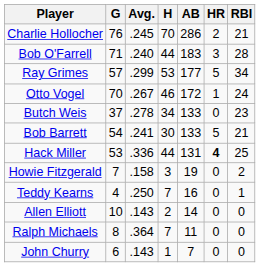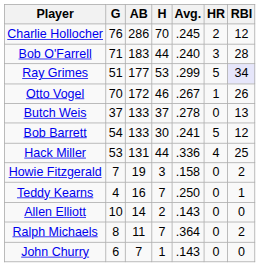 <table class="wikitable sortable" style="text-align:center;">
 <tr>
 <th>Player</th>
 <th>G</th>
+<th>AB</th>
+<th>H</th>
 <th>Avg.</th>
-<th>H</th>
-<th>AB</th>
 <th>HR</th>
 <th>RBI</th>
 </tr>
 <tr>
 <td><a href='#'>Charlie Hollocher</a></td>
 <td>76</td>
+<td>286</td>
+<td>70</td>
 <td>.245</td>
-<td>70</td>
-<td>286</td>
 <td>2</td>
-<td>21</td>
+<td>12</td>
 </tr>
 <tr>
 <td><a href='#'>Bob O'Farrell</a></td>
 <td>71</td>
+<td>183</td>
+<td>44</td>
 <td>.240</td>
-<td>44</td>
-<td>183</td>
 <td>3</td>
 <td>28</td>
 </tr>
 <tr>
 <td><a href='#'>Ray Grimes</a></td>
-<td>57</td>
+<td>51</td>
+<td>177</td>
+<td>53</td>
 <td>.299</td>
-<td>53</td>
-<td>177</td>
 <td>5</td>
-<td>34</td>
+<td style="background: lavender;">34</td>
 </tr>
 <tr>
 <td><a href='#'>Otto Vogel</a></td>
 <td>70</td>
+<td>172</td>
+<td>46</td>
 <td>.267</td>
-<td>46</td>
-<td>172</td>
 <td>1</td>
-<td>24</td>
+<td>26</td>
 </tr>
 <tr>
 <td><a href='#'>Butch Weis</a></td>
 <td>37</td>
+<td>133</td>
+<td>37</td>
 <td>.278</td>
-<td>34</td>
-<td>133</td>
 <td>0</td>
-<td>23</td>
+<td>13</td>
 </tr>
 <tr>
 <td><a href='#'>Bob Barrett</a></td>
 <td>54</td>
+<td>133</td>
+<td>30</td>
 <td>.241</td>
-<td>30</td>
-<td>133</td>
 <td>5</td>
-<td>21</td>
+<td>12</td>
 </tr>
 <tr>
 <td><a href='#'>Hack Miller</a></td>
 <td>53</td>
+<td>131</td>
+<td>44</td>
 <td>.336</td>
-<td>44</td>
-<td>131</td>
-<td><strong>4</strong></td>
+<td>4</td>
 <td>25</td>
 </tr>
 <tr>
 <td><a href='#'>Howie Fitzgerald</a></td>
 <td>7</td>
+<td>19</td>
+<td>3</td>
 <td>.158</td>
-<td>3</td>
-<td>19</td>
 <td>0</td>
 <td>2</td>
 </tr>
 <tr>
 <td><a href='#'>Teddy Kearns</a></td>
 <td>4</td>
+<td>16</td>
+<td>7</td>
 <td>.250</td>
-<td>7</td>
-<td>16</td>
 <td>0</td>
 <td>1</td>
 </tr>
 <tr>
 <td><a href='#'>Allen Elliott</a></td>
 <td>10</td>
+<td>14</td>
+<td>2</td>
 <td>.143</td>
-<td>2</td>
-<td>14</td>
 <td>0</td>
 <td>0</td>
 </tr>
 <tr>
 <td><a href='#'>Ralph Michaels</a></td>
 <td>8</td>
+<td>11</td>
+<td>7</td>
 <td>.364</td>
-<td>7</td>
-<td>11</td>
 <td>0</td>
-<td>0</td>
+<td>2</td>
 </tr>
 <tr>
 <td><a href='#'>John Churry</a></td>
 <td>6</td>
+<td>7</td>
+<td>1</td>
 <td>.143</td>
-<td>1</td>
-<td>7</td>
 <td>0</td>
 <td>0</td>
 </tr>
 </table>
